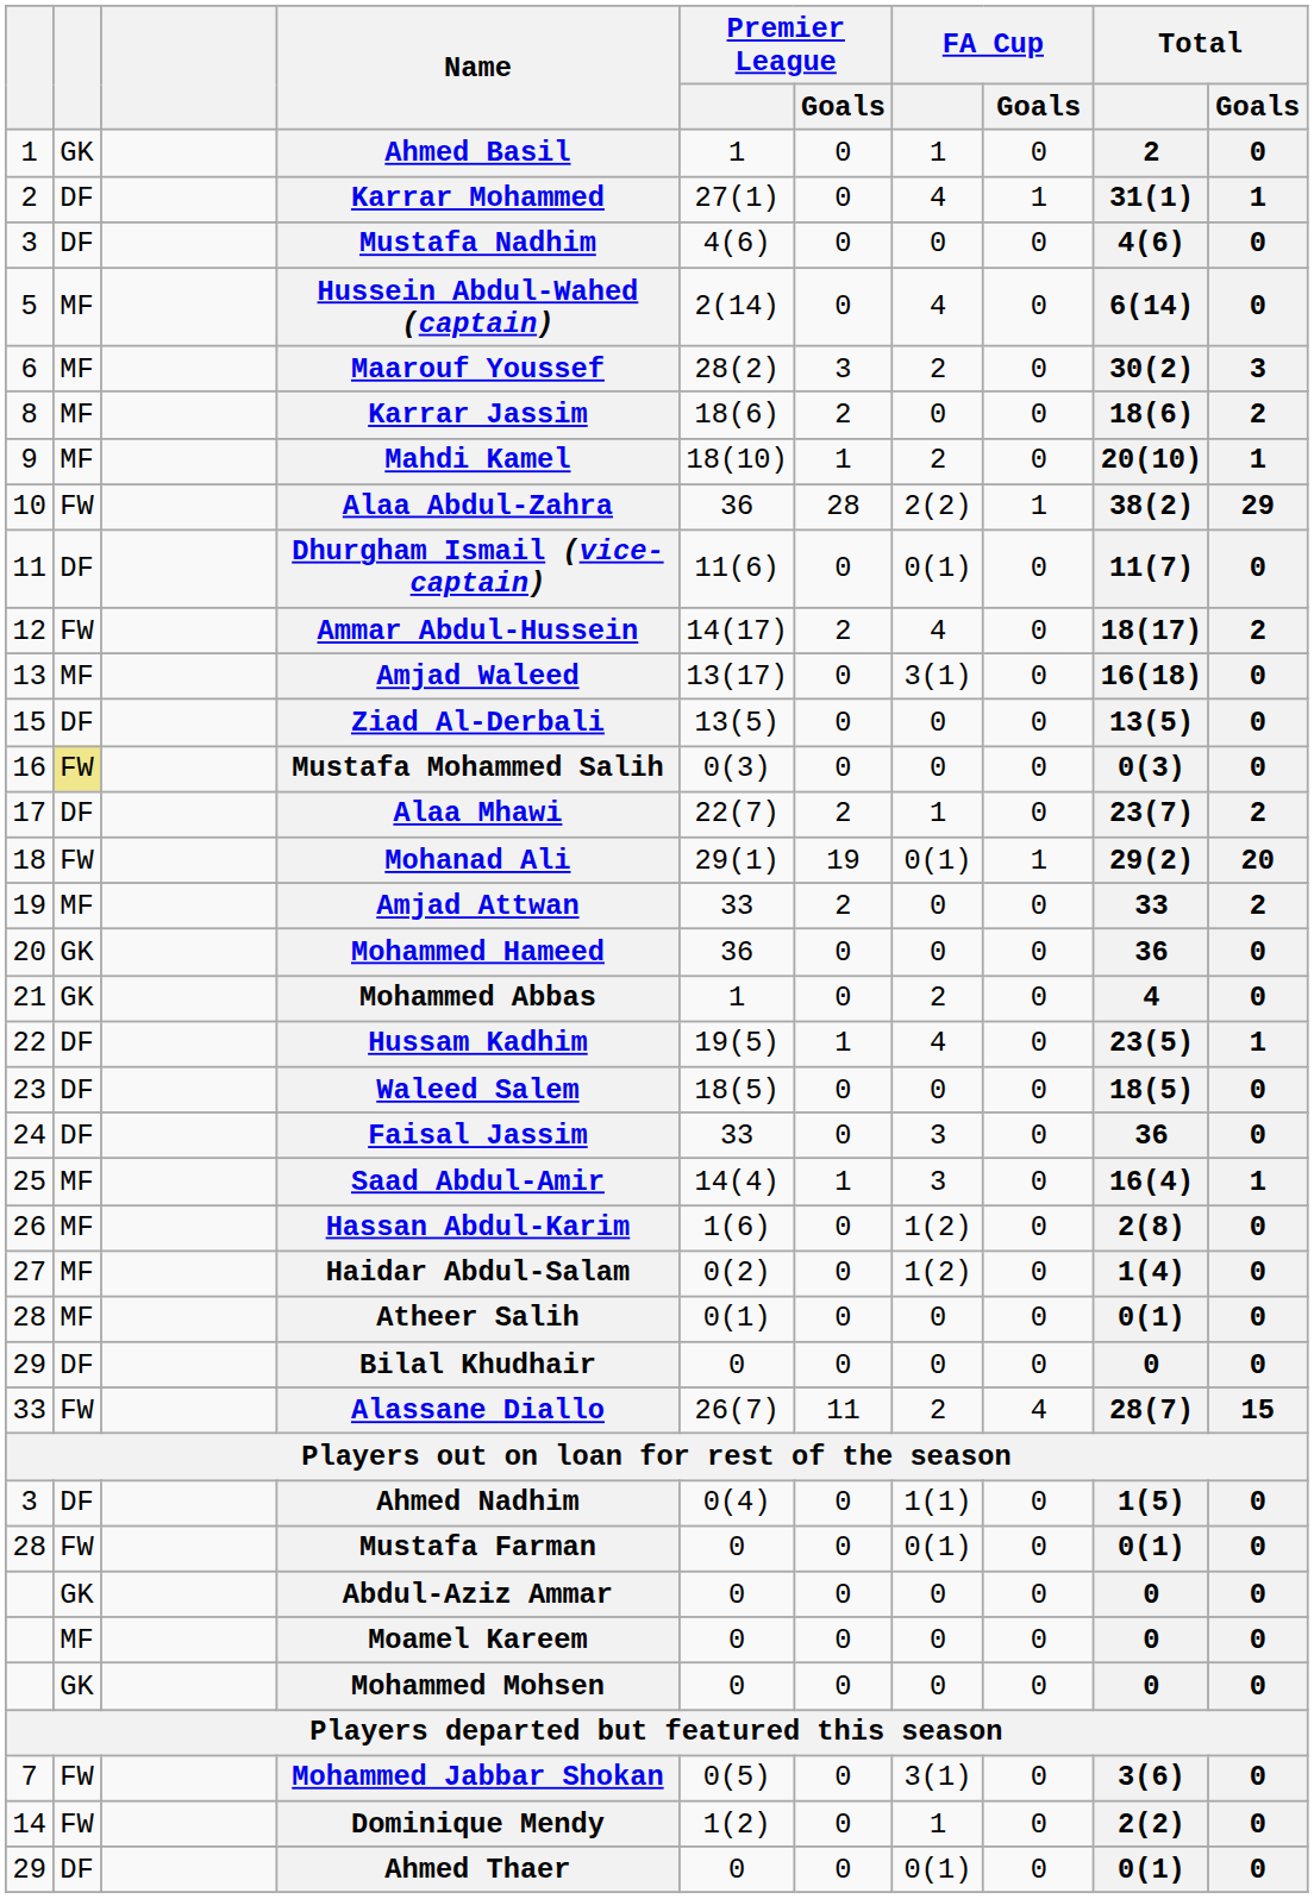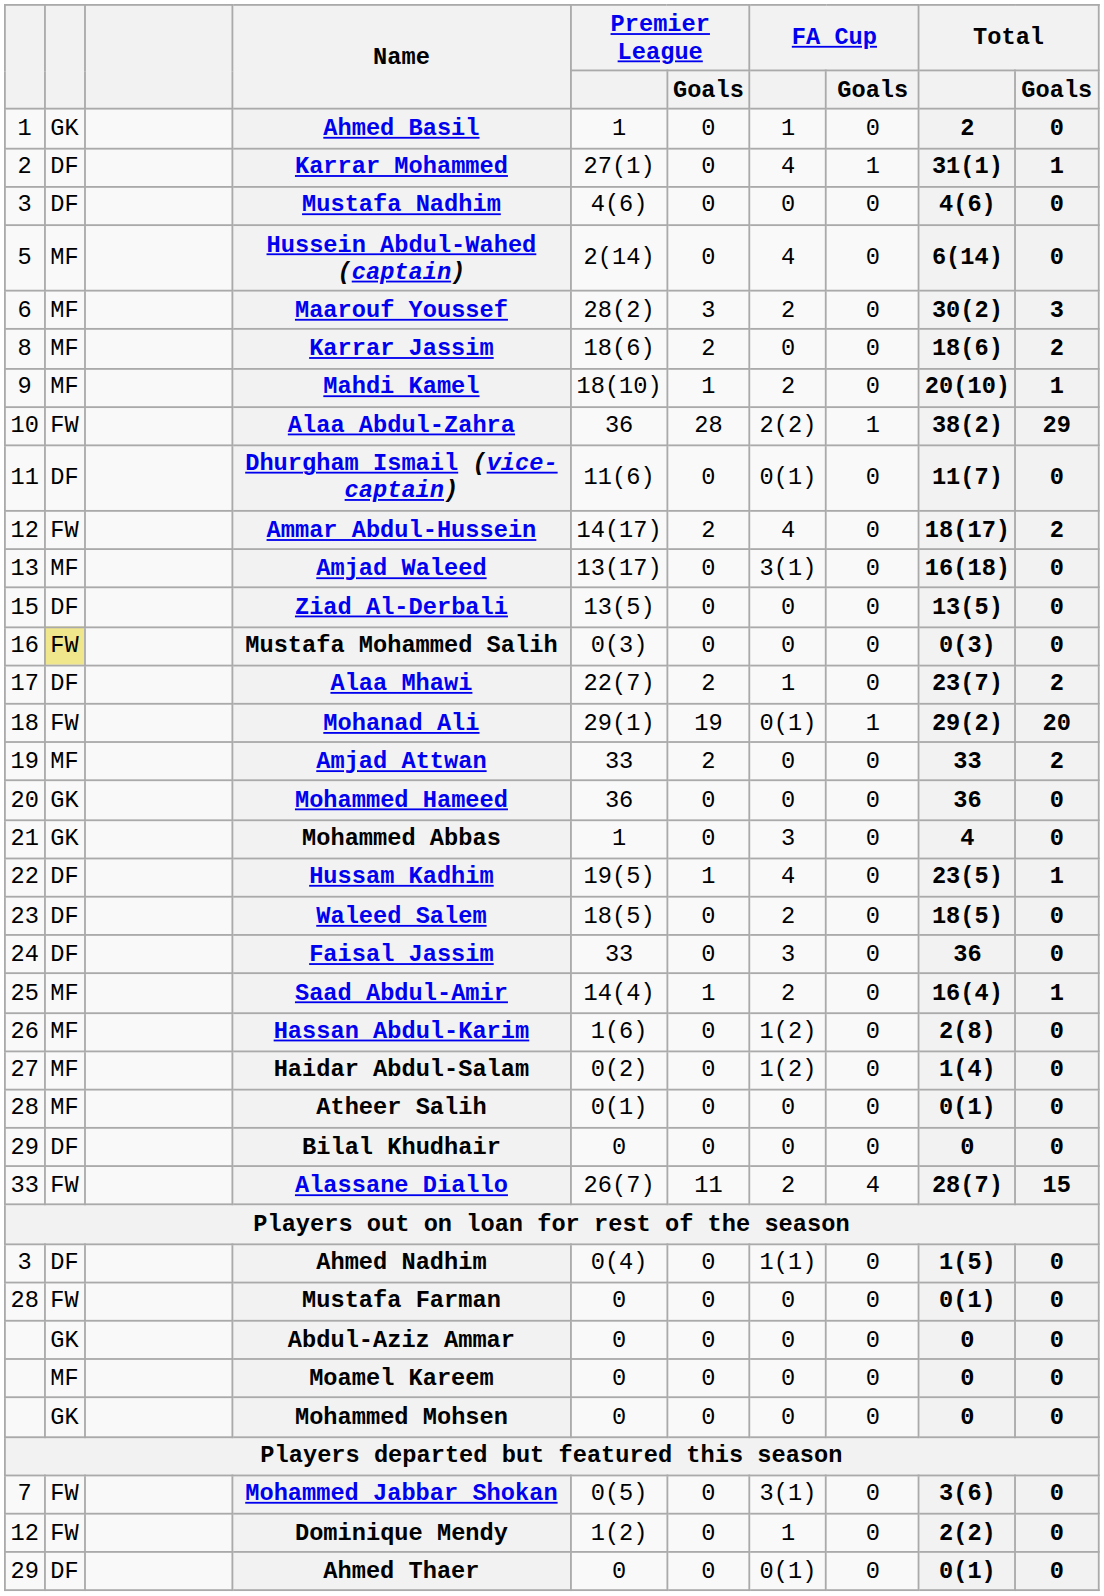 <table class="wikitable sortable plainrowheaders" style="text-align:center">
 <tr>
 <th rowspan="2"></th>
 <th rowspan="2"></th>
 <th rowspan="2" style="width:75px;"></th>
 <th rowspan="2" style="width:180px;">Name</th>
 <th colspan="2" style="width:87px;"><a href='#'>Premier League</a></th>
 <th colspan="2" style="width:87px;"><a href='#'>FA Cup</a></th>
 <th colspan="2" style="width:87px;">Total</th>
 </tr>
 <tr>
 <th></th>
 <th>Goals</th>
 <th></th>
 <th>Goals</th>
 <th></th>
 <th>Goals</th>
 </tr>
 <tr>
 <td>1</td>
 <td>GK</td>
 <td></td>
 <th scope="row"><a href='#'>Ahmed Basil</a><br></th>
 <td>1</td>
 <td>0<br></td>
 <td>1</td>
 <td>0<br></td>
 <th>2</th>
 <th>0</th>
 </tr>
 <tr>
 <td>2</td>
 <td>DF</td>
 <td></td>
 <th scope="row"><a href='#'>Karrar Mohammed</a><br></th>
 <td>27(1)</td>
 <td>0<br></td>
 <td>4</td>
 <td>1<br></td>
 <th>31(1)</th>
 <th>1</th>
 </tr>
 <tr>
 <td>3</td>
 <td>DF</td>
 <td></td>
 <th scope="row"><a href='#'>Mustafa Nadhim</a><br></th>
 <td>4(6)</td>
 <td>0<br></td>
 <td>0</td>
 <td>0<br></td>
 <th>4(6)</th>
 <th>0</th>
 </tr>
 <tr>
 <td>5</td>
 <td>MF</td>
 <td></td>
 <th scope="row"><a href='#'>Hussein Abdul-Wahed</a> <em>(<a href='#'>captain</a>)</em><br></th>
 <td>2(14)</td>
 <td>0<br></td>
 <td>4</td>
 <td>0<br></td>
 <th>6(14)</th>
 <th>0</th>
 </tr>
 <tr>
 <td>6</td>
 <td>MF</td>
 <td></td>
 <th scope="row"><a href='#'>Maarouf Youssef</a><br></th>
 <td>28(2)</td>
 <td>3<br></td>
 <td>2</td>
 <td>0<br></td>
 <th>30(2)</th>
 <th>3</th>
 </tr>
 <tr>
 <td>8</td>
 <td>MF</td>
 <td></td>
 <th scope="row"><a href='#'>Karrar Jassim</a><br></th>
 <td>18(6)</td>
 <td>2<br></td>
 <td>0</td>
 <td>0<br></td>
 <th>18(6)</th>
 <th>2</th>
 </tr>
 <tr>
 <td>9</td>
 <td>MF</td>
 <td></td>
 <th scope="row"><a href='#'>Mahdi Kamel</a><br></th>
 <td>18(10)</td>
 <td>1<br></td>
 <td>2</td>
 <td>0<br></td>
 <th>20(10)</th>
 <th>1</th>
 </tr>
 <tr>
 <td>10</td>
 <td>FW</td>
 <td></td>
 <th scope="row"><a href='#'>Alaa Abdul-Zahra</a><br></th>
 <td>36</td>
 <td>28<br></td>
 <td>2(2)</td>
 <td>1<br></td>
 <th>38(2)</th>
 <th>29<br>     </th>
 </tr>
 <tr>
 <td>11</td>
 <td>DF</td>
 <td></td>
 <th scope="row"><a href='#'>Dhurgham Ismail</a> <em>(<a href='#'>vice-captain</a>)</em><br></th>
 <td>11(6)</td>
 <td>0<br></td>
 <td>0(1)</td>
 <td>0<br></td>
 <th>11(7)</th>
 <th>0</th>
 </tr>
 <tr>
 <td>12</td>
 <td>FW</td>
 <td></td>
 <th scope="row"><a href='#'>Ammar Abdul-Hussein</a><br></th>
 <td>14(17)</td>
 <td>2<br></td>
 <td>4</td>
 <td>0<br></td>
 <th>18(17)</th>
 <th>2</th>
 </tr>
 <tr>
 <td>13</td>
 <td>MF</td>
 <td></td>
 <th scope="row"><a href='#'>Amjad Waleed</a><br></th>
 <td>13(17)</td>
 <td>0<br></td>
 <td>3(1)</td>
 <td>0<br></td>
 <th>16(18)</th>
 <th>0</th>
 </tr>
 <tr>
 <td>15</td>
 <td>DF</td>
 <td></td>
 <th scope="row"><a href='#'>Ziad Al-Derbali</a><br></th>
 <td>13(5)</td>
 <td>0<br></td>
 <td>0</td>
 <td>0<br></td>
 <th>13(5)</th>
 <th>0</th>
 </tr>
 <tr>
 <td>16</td>
 <td style="background: khaki;">FW</td>
 <td></td>
 <th scope="row">Mustafa Mohammed Salih<br></th>
 <td>0(3)</td>
 <td>0<br></td>
 <td>0</td>
 <td>0<br></td>
 <th>0(3)</th>
 <th>0</th>
 </tr>
 <tr>
 <td>17</td>
 <td>DF</td>
 <td></td>
 <th scope="row"><a href='#'>Alaa Mhawi</a><br></th>
 <td>22(7)</td>
 <td>2<br></td>
 <td>1</td>
 <td>0<br></td>
 <th>23(7)</th>
 <th>2</th>
 </tr>
 <tr>
 <td>18</td>
 <td>FW</td>
 <td></td>
 <th scope="row"><a href='#'>Mohanad Ali</a><br></th>
 <td>29(1)</td>
 <td>19<br></td>
 <td>0(1)</td>
 <td>1<br></td>
 <th>29(2)</th>
 <th>20</th>
 </tr>
 <tr>
 <td>19</td>
 <td>MF</td>
 <td></td>
 <th scope="row"><a href='#'>Amjad Attwan</a><br></th>
 <td>33</td>
 <td>2<br></td>
 <td>0</td>
 <td>0<br></td>
 <th>33</th>
 <th>2</th>
 </tr>
 <tr>
 <td>20</td>
 <td>GK</td>
 <td></td>
 <th scope="row"><a href='#'>Mohammed Hameed</a><br></th>
 <td>36</td>
 <td>0<br></td>
 <td>0</td>
 <td>0<br></td>
 <th>36</th>
 <th>0</th>
 </tr>
 <tr>
 <td>21</td>
 <td>GK</td>
 <td></td>
 <th scope="row">Mohammed Abbas<br></th>
 <td>1</td>
 <td>0<br></td>
-<td>2</td>
+<td>3</td>
 <td>0<br></td>
 <th>4</th>
 <th>0</th>
 </tr>
 <tr>
 <td>22</td>
 <td>DF</td>
 <td></td>
 <th scope="row"><a href='#'>Hussam Kadhim</a><br></th>
 <td>19(5)</td>
 <td>1<br></td>
 <td>4</td>
 <td>0<br></td>
 <th>23(5)</th>
 <th>1</th>
 </tr>
 <tr>
 <td>23</td>
 <td>DF</td>
 <td></td>
 <th scope="row"><a href='#'>Waleed Salem</a><br></th>
 <td>18(5)</td>
 <td>0<br></td>
-<td>0</td>
+<td>2</td>
 <td>0<br></td>
 <th>18(5)</th>
 <th>0</th>
 </tr>
 <tr>
 <td>24</td>
 <td>DF</td>
 <td></td>
 <th scope="row"><a href='#'>Faisal Jassim</a><br></th>
 <td>33</td>
 <td>0<br></td>
 <td>3</td>
 <td>0<br></td>
 <th>36</th>
 <th>0</th>
 </tr>
 <tr>
 <td>25</td>
 <td>MF</td>
 <td></td>
 <th scope="row"><a href='#'>Saad Abdul-Amir</a><br></th>
 <td>14(4)</td>
 <td>1<br></td>
-<td>3</td>
+<td>2</td>
 <td>0<br></td>
 <th>16(4)</th>
 <th>1</th>
 </tr>
 <tr>
 <td>26</td>
 <td>MF</td>
 <td></td>
 <th scope="row"><a href='#'>Hassan Abdul-Karim</a><br></th>
 <td>1(6)</td>
 <td>0<br></td>
 <td>1(2)</td>
 <td>0<br></td>
 <th>2(8)</th>
 <th>0</th>
 </tr>
 <tr>
 <td>27</td>
 <td>MF</td>
 <td></td>
 <th scope="row">Haidar Abdul-Salam<br></th>
 <td>0(2)</td>
 <td>0<br></td>
 <td>1(2)</td>
 <td>0<br></td>
 <th>1(4)</th>
 <th>0</th>
 </tr>
 <tr>
 <td>28</td>
 <td>MF</td>
 <td></td>
 <th scope="row">Atheer Salih<br></th>
 <td>0(1)</td>
 <td>0<br></td>
 <td>0</td>
 <td>0<br></td>
 <th>0(1)</th>
 <th>0</th>
 </tr>
 <tr>
 <td>29</td>
 <td>DF</td>
 <td></td>
 <th scope="row">Bilal Khudhair<br></th>
 <td>0</td>
 <td>0<br></td>
 <td>0</td>
 <td>0<br></td>
 <th>0</th>
 <th>0</th>
 </tr>
 <tr>
 <td>33</td>
 <td>FW</td>
 <td></td>
 <th scope="row"><a href='#'>Alassane Diallo</a><br></th>
 <td>26(7)</td>
 <td>11<br></td>
 <td>2</td>
 <td>4<br></td>
 <th>28(7)</th>
 <th>15</th>
 </tr>
 <tr>
 <th colspan="16">Players out on loan for rest of the season</th>
 </tr>
 <tr>
 <td>3</td>
 <td>DF</td>
 <td></td>
 <th scope="row">Ahmed Nadhim<br></th>
 <td>0(4)</td>
 <td>0<br></td>
 <td>1(1)</td>
 <td>0<br></td>
 <th>1(5)</th>
 <th>0</th>
 </tr>
 <tr>
 <td>28</td>
 <td>FW</td>
 <td></td>
 <th scope="row">Mustafa Farman<br></th>
 <td>0</td>
 <td>0<br></td>
-<td>0(1)</td>
+<td>0</td>
 <td>0<br></td>
 <th>0(1)</th>
 <th>0</th>
 </tr>
 <tr>
 <td></td>
 <td>GK</td>
 <td></td>
 <th scope="row">Abdul-Aziz Ammar<br></th>
 <td>0</td>
 <td>0<br></td>
 <td>0</td>
 <td>0<br></td>
 <th>0</th>
 <th>0</th>
 </tr>
 <tr>
 <td></td>
 <td>MF</td>
 <td></td>
 <th scope="row">Moamel Kareem<br></th>
 <td>0</td>
 <td>0<br></td>
 <td>0</td>
 <td>0<br></td>
 <th>0</th>
 <th>0</th>
 </tr>
 <tr>
 <td></td>
 <td>GK</td>
 <td></td>
 <th scope="row">Mohammed Mohsen<br></th>
 <td>0</td>
 <td>0<br></td>
 <td>0</td>
 <td>0<br></td>
 <th>0</th>
 <th>0</th>
 </tr>
 <tr>
 <th colspan="16">Players departed but featured this season</th>
 </tr>
 <tr>
 <td>7</td>
 <td>FW</td>
 <td></td>
 <th scope="row"><a href='#'>Mohammed Jabbar Shokan</a><br></th>
 <td>0(5)</td>
 <td>0<br></td>
 <td>3(1)</td>
 <td>0<br></td>
 <th>3(6)</th>
 <th>0</th>
 </tr>
 <tr>
-<td>14</td>
+<td>12</td>
 <td>FW</td>
 <td></td>
 <th scope="row">Dominique Mendy<br></th>
 <td>1(2)</td>
 <td>0<br></td>
 <td>1</td>
 <td>0<br></td>
 <th>2(2)</th>
 <th>0</th>
 </tr>
 <tr>
 <td>29</td>
 <td>DF</td>
 <td></td>
 <th scope="row">Ahmed Thaer<br></th>
 <td>0</td>
 <td>0<br></td>
 <td>0(1)</td>
 <td>0<br></td>
 <th>0(1)</th>
 <th>0</th>
 </tr>
 </table>
